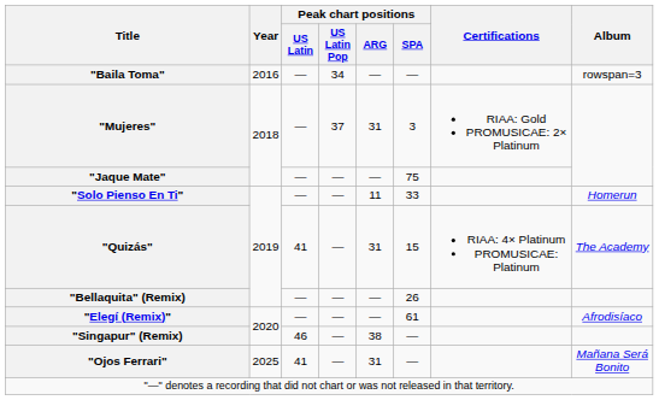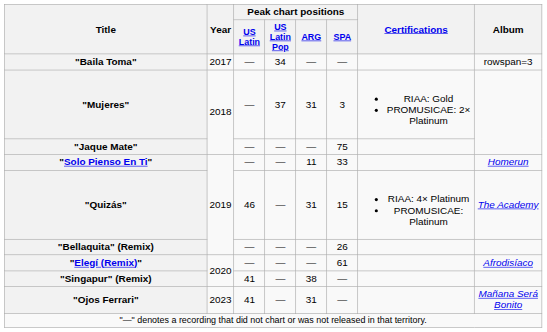 <table class="wikitable plainrowheaders" style="text-align:center;">
 <tr>
 <th scope="col" rowspan="2" style="width:20em;">Title</th>
 <th scope="col" rowspan="2">Year</th>
 <th scope="col" colspan="4">Peak chart positions</th>
 <th scope="col" rowspan="2"><a href='#'>Certifications</a></th>
 <th scope="col" rowspan="2">Album</th>
 </tr>
 <tr>
 <th scope="col" style="width:3em;font-size:90%;"><a href='#'>US<br>Latin</a><br></th>
 <th scope="col" style="width:3em;font-size:90%;"><a href='#'>US<br>Latin<br>Pop</a><br></th>
 <th scope="col" style="width:3em;font-size:90%;"><a href='#'>ARG</a><br></th>
 <th scope="col" style="width:3em;font-size:90%;"><a href='#'>SPA</a><br></th>
 </tr>
 <tr>
 <th scope="row">"Baila Toma"<br></th>
-<td>2016</td>
+<td>2017</td>
 <td>—</td>
 <td>34</td>
 <td>—</td>
 <td>—</td>
 <td></td>
 <td>rowspan=3 </td>
 </tr>
 <tr>
 <th scope="row">"Mujeres"<br></th>
 <td rowspan=2>2018</td>
 <td>—</td>
 <td>37</td>
 <td>31</td>
 <td>3</td>
 <td><br><ul><li>RIAA: Gold </li><li>PROMUSICAE: 2× Platinum</li></ul></td>
 </tr>
 <tr>
 <th scope="row">"Jaque Mate"<br></th>
 <td>—</td>
 <td>—</td>
 <td>—</td>
 <td>75</td>
 <td></td>
 </tr>
 <tr>
 <th scope="row">"<a href='#'>Solo Pienso En Ti</a>"<br></th>
 <td rowspan=3>2019</td>
 <td>—</td>
 <td>—</td>
 <td>11</td>
 <td>33</td>
 <td></td>
 <td><em><a href='#'>Homerun</a></em></td>
 </tr>
 <tr>
 <th scope="row">"Quizás"<br></th>
-<td>41</td>
+<td>46</td>
 <td>—</td>
 <td>31</td>
 <td>15</td>
 <td><br><ul><li>RIAA: 4× Platinum </li><li>PROMUSICAE: Platinum</li></ul></td>
 <td><em><a href='#'>The Academy</a></em></td>
 </tr>
 <tr>
 <th scope="row">"Bellaquita" (Remix)<br></th>
 <td>—</td>
 <td>—</td>
 <td>—</td>
 <td>26</td>
 <td></td>
 <td></td>
 </tr>
 <tr>
 <th scope="row">"<a href='#'>Elegí (Remix)</a>"<br></th>
 <td rowspan=2>2020</td>
 <td>—</td>
 <td>—</td>
 <td>—</td>
 <td>61</td>
 <td></td>
 <td><em><a href='#'>Afrodisíaco</a></em></td>
 </tr>
 <tr>
 <th scope="row">"Singapur" (Remix)<br></th>
-<td>46</td>
+<td>41</td>
 <td>—</td>
 <td>38</td>
 <td>—</td>
 <td></td>
 <td></td>
 </tr>
 <tr>
 <th scope="row">"Ojos Ferrari" <br></th>
-<td>2025</td>
+<td>2023</td>
 <td>41</td>
 <td>—</td>
 <td>31</td>
 <td>—</td>
 <td></td>
 <td><em><a href='#'>Mañana Será Bonito</a></em></td>
 </tr>
 <tr>
 <td colspan="15" style="font-size:90%">"—" denotes a recording that did not chart or was not released in that territory.</td>
 </tr>
 </table>
